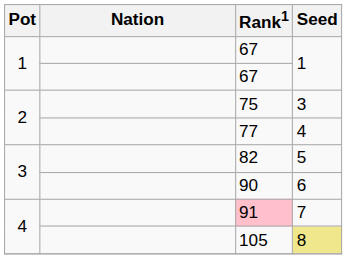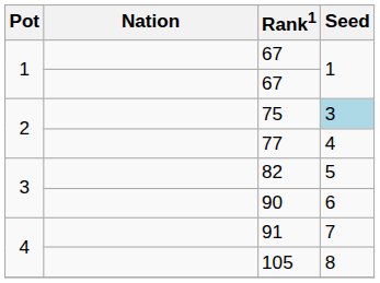 <table class="wikitable">
 <tr>
 <th>Pot</th>
 <th width="175">Nation</th>
 <th>Rank<sup>1</sup></th>
 <th>Seed</th>
 </tr>
 <tr>
 <td rowspan=2 style="text-align:center;">1</td>
 <td></td>
 <td>67</td>
 <td rowspan=2>1</td>
 </tr>
 <tr>
 <td></td>
 <td>67</td>
 </tr>
 <tr>
 <td rowspan=2 style="text-align:center;">2</td>
 <td></td>
 <td>75</td>
-<td>3</td>
+<td style="background: lightblue;">3</td>
 </tr>
 <tr>
 <td></td>
 <td>77</td>
 <td>4</td>
 </tr>
 <tr>
 <td rowspan=2 style="text-align:center;">3</td>
 <td></td>
 <td>82</td>
 <td>5</td>
 </tr>
 <tr>
 <td></td>
 <td>90</td>
 <td>6</td>
 </tr>
 <tr>
 <td rowspan=2 style="text-align:center;">4</td>
 <td></td>
-<td style="background: pink;">91</td>
+<td>91</td>
 <td>7</td>
 </tr>
 <tr>
 <td></td>
 <td>105</td>
-<td style="background: khaki;">8</td>
+<td>8</td>
 </tr>
 <tr>
 </tr>
 </table>
